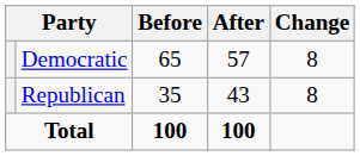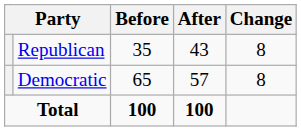 <table class="wikitable" style="text-align:center;">
 <tr>
 <th colspan="2">Party</th>
 <th>Before</th>
 <th>After</th>
 <th>Change</th>
 </tr>
 <tr>
 <th style="background-color:"></th>
-<td style="text-align:left;"><a href='#'>Democratic</a></td>
-<td>65</td>
-<td>57</td>
+<td style="text-align:left;"><a href='#'>Republican</a></td>
+<td>35</td>
+<td>43</td>
 <td> 8</td>
 </tr>
 <tr>
 <th style="background-color:"></th>
-<td style="text-align:left;"><a href='#'>Republican</a></td>
-<td>35</td>
-<td>43</td>
+<td style="text-align:left;"><a href='#'>Democratic</a></td>
+<td>65</td>
+<td>57</td>
 <td> 8</td>
 </tr>
 <tr>
 <td colspan="2"><strong>Total</strong></td>
 <td><strong>100</strong></td>
 <td><strong>100</strong></td>
 <td></td>
 </tr>
 </table>
